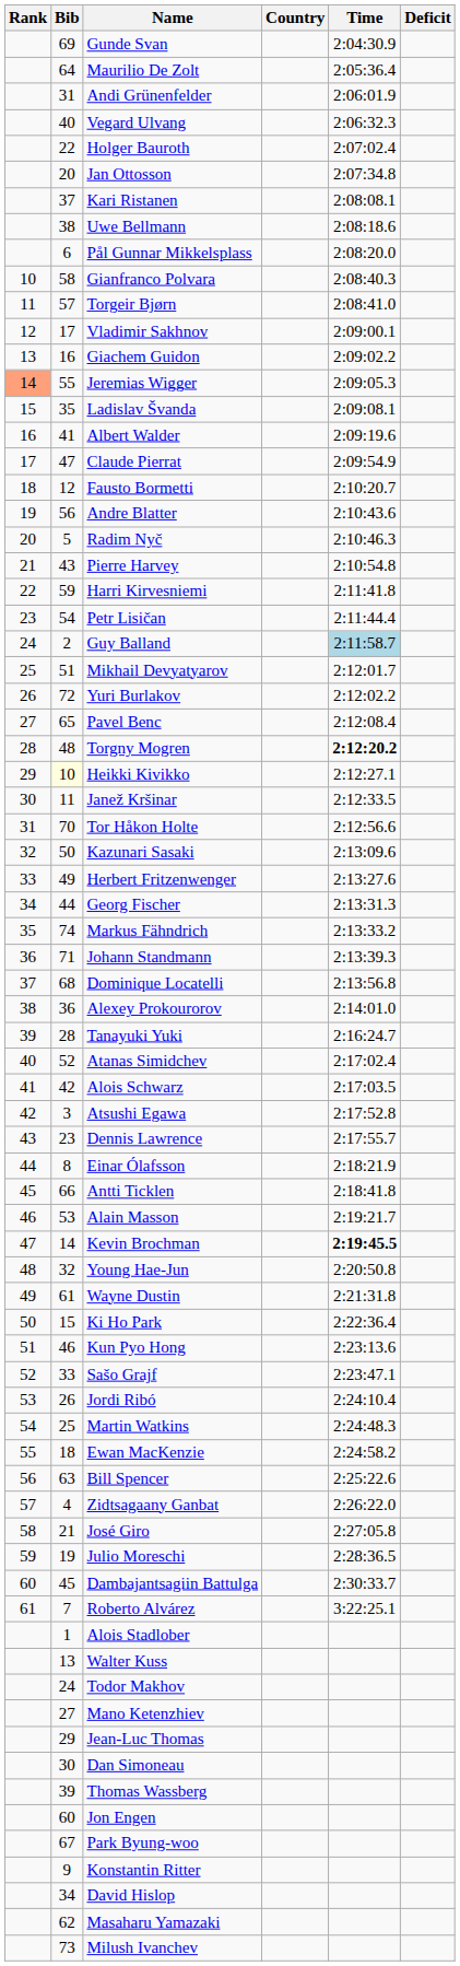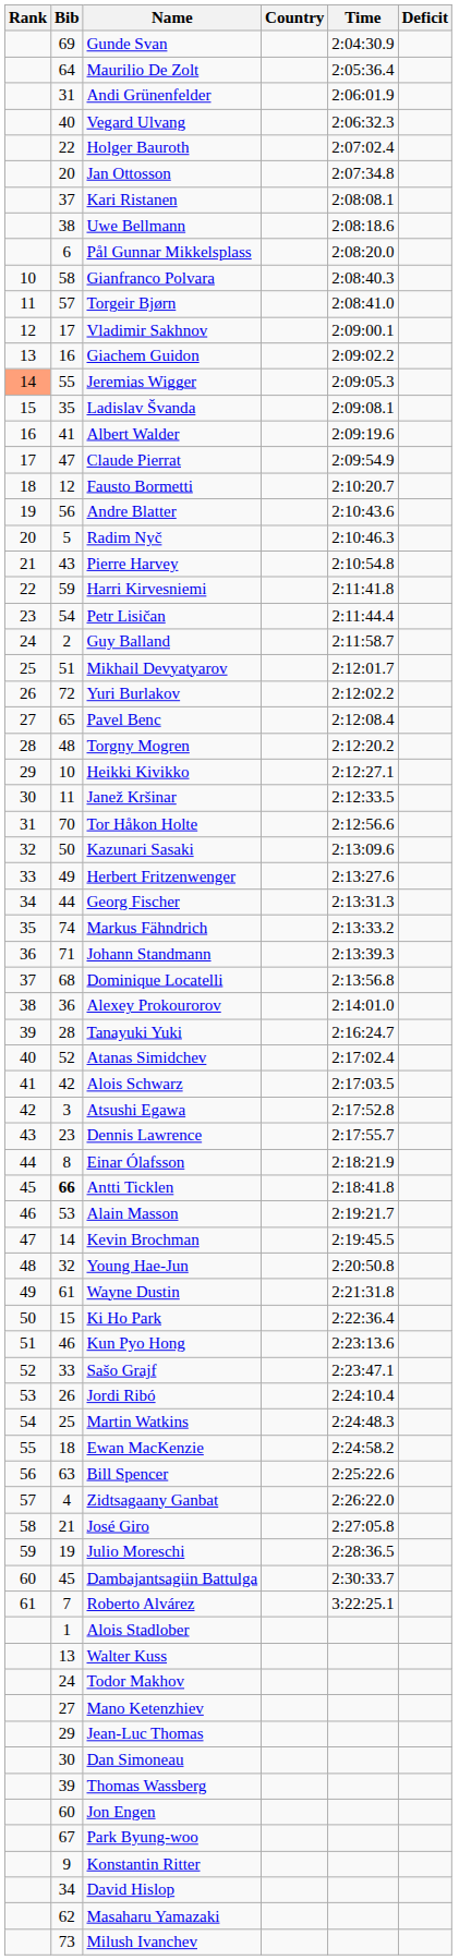 <table class="wikitable sortable" style="text-align:center">
 <tr>
 <th>Rank</th>
 <th>Bib</th>
 <th>Name</th>
 <th>Country</th>
 <th>Time</th>
 <th>Deficit</th>
 </tr>
 <tr>
 <td></td>
 <td>69</td>
 <td align="left"><a href='#'>Gunde Svan</a></td>
 <td align="left"></td>
 <td>2:04:30.9</td>
 <td></td>
 </tr>
 <tr>
 <td></td>
 <td>64</td>
 <td align="left"><a href='#'>Maurilio De Zolt</a></td>
 <td align="left"></td>
 <td>2:05:36.4</td>
 <td align=right></td>
 </tr>
 <tr>
 <td></td>
 <td>31</td>
 <td align="left"><a href='#'>Andi Grünenfelder</a></td>
 <td align="left"></td>
 <td>2:06:01.9</td>
 <td align=right></td>
 </tr>
 <tr>
 <td></td>
 <td>40</td>
 <td align="left"><a href='#'>Vegard Ulvang</a></td>
 <td align="left"></td>
 <td>2:06:32.3</td>
 <td align=right></td>
 </tr>
 <tr>
 <td></td>
 <td>22</td>
 <td align="left"><a href='#'>Holger Bauroth</a></td>
 <td align="left"></td>
 <td>2:07:02.4</td>
 <td align=right></td>
 </tr>
 <tr>
 <td></td>
 <td>20</td>
 <td align="left"><a href='#'>Jan Ottosson</a></td>
 <td align="left"></td>
 <td>2:07:34.8</td>
 <td align=right></td>
 </tr>
 <tr>
 <td></td>
 <td>37</td>
 <td align="left"><a href='#'>Kari Ristanen</a></td>
 <td align="left"></td>
 <td>2:08:08.1</td>
 <td align=right></td>
 </tr>
 <tr>
 <td></td>
 <td>38</td>
 <td align="left"><a href='#'>Uwe Bellmann</a></td>
 <td align="left"></td>
 <td>2:08:18.6</td>
 <td align=right></td>
 </tr>
 <tr>
 <td></td>
 <td>6</td>
 <td align="left"><a href='#'>Pål Gunnar Mikkelsplass</a></td>
 <td align="left"></td>
 <td>2:08:20.0</td>
 <td align=right></td>
 </tr>
 <tr>
 <td>10</td>
 <td>58</td>
 <td align="left"><a href='#'>Gianfranco Polvara</a></td>
 <td align="left"></td>
 <td>2:08:40.3</td>
 <td align=right></td>
 </tr>
 <tr>
 <td>11</td>
 <td>57</td>
 <td align="left"><a href='#'>Torgeir Bjørn</a></td>
 <td align="left"></td>
 <td>2:08:41.0</td>
 <td align=right></td>
 </tr>
 <tr>
 <td>12</td>
 <td>17</td>
 <td align="left"><a href='#'>Vladimir Sakhnov</a></td>
 <td align="left"></td>
 <td>2:09:00.1</td>
 <td align=right></td>
 </tr>
 <tr>
 <td>13</td>
 <td>16</td>
 <td align="left"><a href='#'>Giachem Guidon</a></td>
 <td align="left"></td>
 <td>2:09:02.2</td>
 <td align=right></td>
 </tr>
 <tr>
 <td style="background: lightsalmon;">14</td>
 <td>55</td>
 <td align="left"><a href='#'>Jeremias Wigger</a></td>
 <td align="left"></td>
 <td>2:09:05.3</td>
 <td align=right></td>
 </tr>
 <tr>
 <td>15</td>
 <td>35</td>
 <td align="left"><a href='#'>Ladislav Švanda</a></td>
 <td align="left"></td>
 <td>2:09:08.1</td>
 <td align=right></td>
 </tr>
 <tr>
 <td>16</td>
 <td>41</td>
 <td align="left"><a href='#'>Albert Walder</a></td>
 <td align="left"></td>
 <td>2:09:19.6</td>
 <td align=right></td>
 </tr>
 <tr>
 <td>17</td>
 <td>47</td>
 <td align="left"><a href='#'>Claude Pierrat</a></td>
 <td align="left"></td>
 <td>2:09:54.9</td>
 <td align=right></td>
 </tr>
 <tr>
 <td>18</td>
 <td>12</td>
 <td align="left"><a href='#'>Fausto Bormetti</a></td>
 <td align="left"></td>
 <td>2:10:20.7</td>
 <td align=right></td>
 </tr>
 <tr>
 <td>19</td>
 <td>56</td>
 <td align="left"><a href='#'>Andre Blatter</a></td>
 <td align="left"></td>
 <td>2:10:43.6</td>
 <td align=right></td>
 </tr>
 <tr>
 <td>20</td>
 <td>5</td>
 <td align="left"><a href='#'>Radim Nyč</a></td>
 <td align="left"></td>
 <td>2:10:46.3</td>
 <td align=right></td>
 </tr>
 <tr>
 <td>21</td>
 <td>43</td>
 <td align="left"><a href='#'>Pierre Harvey</a></td>
 <td align="left"></td>
 <td>2:10:54.8</td>
 <td align=right></td>
 </tr>
 <tr>
 <td>22</td>
 <td>59</td>
 <td align="left"><a href='#'>Harri Kirvesniemi</a></td>
 <td align="left"></td>
 <td>2:11:41.8</td>
 <td align=right></td>
 </tr>
 <tr>
 <td>23</td>
 <td>54</td>
 <td align="left"><a href='#'>Petr Lisičan</a></td>
 <td align="left"></td>
 <td>2:11:44.4</td>
 <td align=right></td>
 </tr>
 <tr>
 <td>24</td>
 <td>2</td>
 <td align="left"><a href='#'>Guy Balland</a></td>
 <td align="left"></td>
-<td style="background: lightblue;">2:11:58.7</td>
+<td>2:11:58.7</td>
 <td align=right></td>
 </tr>
 <tr>
 <td>25</td>
 <td>51</td>
 <td align="left"><a href='#'>Mikhail Devyatyarov</a></td>
 <td align="left"></td>
 <td>2:12:01.7</td>
 <td align=right></td>
 </tr>
 <tr>
 <td>26</td>
 <td>72</td>
 <td align="left"><a href='#'>Yuri Burlakov</a></td>
 <td align="left"></td>
 <td>2:12:02.2</td>
 <td align=right></td>
 </tr>
 <tr>
 <td>27</td>
 <td>65</td>
 <td align="left"><a href='#'>Pavel Benc</a></td>
 <td align="left"></td>
 <td>2:12:08.4</td>
 <td align=right></td>
 </tr>
 <tr>
 <td>28</td>
 <td>48</td>
 <td align="left"><a href='#'>Torgny Mogren</a></td>
 <td align="left"></td>
-<td><strong>2:12:20.2</strong></td>
+<td>2:12:20.2</td>
 <td align=right></td>
 </tr>
 <tr>
 <td>29</td>
-<td style="background: lightyellow;">10</td>
+<td>10</td>
 <td align="left"><a href='#'>Heikki Kivikko</a></td>
 <td align="left"></td>
 <td>2:12:27.1</td>
 <td align=right></td>
 </tr>
 <tr>
 <td>30</td>
 <td>11</td>
 <td align="left"><a href='#'>Janež Kršinar</a></td>
 <td align="left"></td>
 <td>2:12:33.5</td>
 <td align=right></td>
 </tr>
 <tr>
 <td>31</td>
 <td>70</td>
 <td align="left"><a href='#'>Tor Håkon Holte</a></td>
 <td align="left"></td>
 <td>2:12:56.6</td>
 <td align=right></td>
 </tr>
 <tr>
 <td>32</td>
 <td>50</td>
 <td align="left"><a href='#'>Kazunari Sasaki</a></td>
 <td align="left"></td>
 <td>2:13:09.6</td>
 <td align=right></td>
 </tr>
 <tr>
 <td>33</td>
 <td>49</td>
 <td align="left"><a href='#'>Herbert Fritzenwenger</a></td>
 <td align="left"></td>
 <td>2:13:27.6</td>
 <td align=right></td>
 </tr>
 <tr>
 <td>34</td>
 <td>44</td>
 <td align="left"><a href='#'>Georg Fischer</a></td>
 <td align="left"></td>
 <td>2:13:31.3</td>
 <td align=right></td>
 </tr>
 <tr>
 <td>35</td>
 <td>74</td>
 <td align="left"><a href='#'>Markus Fähndrich</a></td>
 <td align="left"></td>
 <td>2:13:33.2</td>
 <td align=right></td>
 </tr>
 <tr>
 <td>36</td>
 <td>71</td>
 <td align="left"><a href='#'>Johann Standmann</a></td>
 <td align="left"></td>
 <td>2:13:39.3</td>
 <td align=right></td>
 </tr>
 <tr>
 <td>37</td>
 <td>68</td>
 <td align="left"><a href='#'>Dominique Locatelli</a></td>
 <td align="left"></td>
 <td>2:13:56.8</td>
 <td align=right></td>
 </tr>
 <tr>
 <td>38</td>
 <td>36</td>
 <td align="left"><a href='#'>Alexey Prokourorov</a></td>
 <td align="left"></td>
 <td>2:14:01.0</td>
 <td align=right></td>
 </tr>
 <tr>
 <td>39</td>
 <td>28</td>
 <td align="left"><a href='#'>Tanayuki Yuki</a></td>
 <td align="left"></td>
 <td>2:16:24.7</td>
 <td align=right></td>
 </tr>
 <tr>
 <td>40</td>
 <td>52</td>
 <td align="left"><a href='#'>Atanas Simidchev</a></td>
 <td align="left"></td>
 <td>2:17:02.4</td>
 <td align=right></td>
 </tr>
 <tr>
 <td>41</td>
 <td>42</td>
 <td align="left"><a href='#'>Alois Schwarz</a></td>
 <td align="left"></td>
 <td>2:17:03.5</td>
 <td align=right></td>
 </tr>
 <tr>
 <td>42</td>
 <td>3</td>
 <td align="left"><a href='#'>Atsushi Egawa</a></td>
 <td align="left"></td>
 <td>2:17:52.8</td>
 <td align=right></td>
 </tr>
 <tr>
 <td>43</td>
 <td>23</td>
 <td align="left"><a href='#'>Dennis Lawrence</a></td>
 <td align="left"></td>
 <td>2:17:55.7</td>
 <td align=right></td>
 </tr>
 <tr>
 <td>44</td>
 <td>8</td>
 <td align="left"><a href='#'>Einar Ólafsson</a></td>
 <td align="left"></td>
 <td>2:18:21.9</td>
 <td align=right></td>
 </tr>
 <tr>
 <td>45</td>
-<td>66</td>
+<td><strong>66</strong></td>
 <td align="left"><a href='#'>Antti Ticklen</a></td>
 <td align="left"></td>
 <td>2:18:41.8</td>
 <td align=right></td>
 </tr>
 <tr>
 <td>46</td>
 <td>53</td>
 <td align="left"><a href='#'>Alain Masson</a></td>
 <td align="left"></td>
 <td>2:19:21.7</td>
 <td align=right></td>
 </tr>
 <tr>
 <td>47</td>
 <td>14</td>
 <td align="left"><a href='#'>Kevin Brochman</a></td>
 <td align="left"></td>
-<td><strong>2:19:45.5</strong></td>
+<td>2:19:45.5</td>
 <td align=right></td>
 </tr>
 <tr>
 <td>48</td>
 <td>32</td>
 <td align="left"><a href='#'>Young Hae-Jun</a></td>
 <td align="left"></td>
 <td>2:20:50.8</td>
 <td align=right></td>
 </tr>
 <tr>
 <td>49</td>
 <td>61</td>
 <td align="left"><a href='#'>Wayne Dustin</a></td>
 <td align="left"></td>
 <td>2:21:31.8</td>
 <td align=right></td>
 </tr>
 <tr>
 <td>50</td>
 <td>15</td>
 <td align="left"><a href='#'>Ki Ho Park</a></td>
 <td align="left"></td>
 <td>2:22:36.4</td>
 <td align=right></td>
 </tr>
 <tr>
 <td>51</td>
 <td>46</td>
 <td align="left"><a href='#'>Kun Pyo Hong</a></td>
 <td align="left"></td>
 <td>2:23:13.6</td>
 <td align=right></td>
 </tr>
 <tr>
 <td>52</td>
 <td>33</td>
 <td align="left"><a href='#'>Sašo Grajf</a></td>
 <td align="left"></td>
 <td>2:23:47.1</td>
 <td align=right></td>
 </tr>
 <tr>
 <td>53</td>
 <td>26</td>
 <td align="left"><a href='#'>Jordi Ribó</a></td>
 <td align="left"></td>
 <td>2:24:10.4</td>
 <td align=right></td>
 </tr>
 <tr>
 <td>54</td>
 <td>25</td>
 <td align="left"><a href='#'>Martin Watkins</a></td>
 <td align="left"></td>
 <td>2:24:48.3</td>
 <td align=right></td>
 </tr>
 <tr>
 <td>55</td>
 <td>18</td>
 <td align="left"><a href='#'>Ewan MacKenzie</a></td>
 <td align="left"></td>
 <td>2:24:58.2</td>
 <td align=right></td>
 </tr>
 <tr>
 <td>56</td>
 <td>63</td>
 <td align="left"><a href='#'>Bill Spencer</a></td>
 <td align="left"></td>
 <td>2:25:22.6</td>
 <td align=right></td>
 </tr>
 <tr>
 <td>57</td>
 <td>4</td>
 <td align="left"><a href='#'>Zidtsagaany Ganbat</a></td>
 <td align="left"></td>
 <td>2:26:22.0</td>
 <td align=right></td>
 </tr>
 <tr>
 <td>58</td>
 <td>21</td>
 <td align="left"><a href='#'>José Giro</a></td>
 <td align="left"></td>
 <td>2:27:05.8</td>
 <td align=right></td>
 </tr>
 <tr>
 <td>59</td>
 <td>19</td>
 <td align="left"><a href='#'>Julio Moreschi</a></td>
 <td align="left"></td>
 <td>2:28:36.5</td>
 <td align=right></td>
 </tr>
 <tr>
 <td>60</td>
 <td>45</td>
 <td align="left"><a href='#'>Dambajantsagiin Battulga</a></td>
 <td align="left"></td>
 <td>2:30:33.7</td>
 <td align=right></td>
 </tr>
 <tr>
 <td>61</td>
 <td>7</td>
 <td align="left"><a href='#'>Roberto Alvárez</a></td>
 <td align="left"></td>
 <td>3:22:25.1</td>
 <td align=right></td>
 </tr>
 <tr>
 <td></td>
 <td>1</td>
 <td align="left"><a href='#'>Alois Stadlober</a></td>
 <td align="left"></td>
 <td></td>
 <td></td>
 </tr>
 <tr>
 <td></td>
 <td>13</td>
 <td align="left"><a href='#'>Walter Kuss</a></td>
 <td align="left"></td>
 <td></td>
 <td></td>
 </tr>
 <tr>
 <td></td>
 <td>24</td>
 <td align="left"><a href='#'>Todor Makhov</a></td>
 <td align="left"></td>
 <td></td>
 <td></td>
 </tr>
 <tr>
 <td></td>
 <td>27</td>
 <td align="left"><a href='#'>Mano Ketenzhiev</a></td>
 <td align="left"></td>
 <td></td>
 <td></td>
 </tr>
 <tr>
 <td></td>
 <td>29</td>
 <td align="left"><a href='#'>Jean-Luc Thomas</a></td>
 <td align="left"></td>
 <td></td>
 <td></td>
 </tr>
 <tr>
 <td></td>
 <td>30</td>
 <td align="left"><a href='#'>Dan Simoneau</a></td>
 <td align="left"></td>
 <td></td>
 <td></td>
 </tr>
 <tr>
 <td></td>
 <td>39</td>
 <td align="left"><a href='#'>Thomas Wassberg</a></td>
 <td align="left"></td>
 <td></td>
 <td></td>
 </tr>
 <tr>
 <td></td>
 <td>60</td>
 <td align="left"><a href='#'>Jon Engen</a></td>
 <td align="left"></td>
 <td></td>
 <td></td>
 </tr>
 <tr>
 <td></td>
 <td>67</td>
 <td align="left"><a href='#'>Park Byung-woo</a></td>
 <td align="left"></td>
 <td></td>
 <td></td>
 </tr>
 <tr>
 <td></td>
 <td>9</td>
 <td align="left"><a href='#'>Konstantin Ritter</a></td>
 <td align="left"></td>
 <td></td>
 <td></td>
 </tr>
 <tr>
 <td></td>
 <td>34</td>
 <td align="left"><a href='#'>David Hislop</a></td>
 <td align="left"></td>
 <td></td>
 <td></td>
 </tr>
 <tr>
 <td></td>
 <td>62</td>
 <td align="left"><a href='#'>Masaharu Yamazaki</a></td>
 <td align="left"></td>
 <td></td>
 <td></td>
 </tr>
 <tr>
 <td></td>
 <td>73</td>
 <td align="left"><a href='#'>Milush Ivanchev</a></td>
 <td align="left"></td>
 <td></td>
 <td></td>
 </tr>
 </table>
